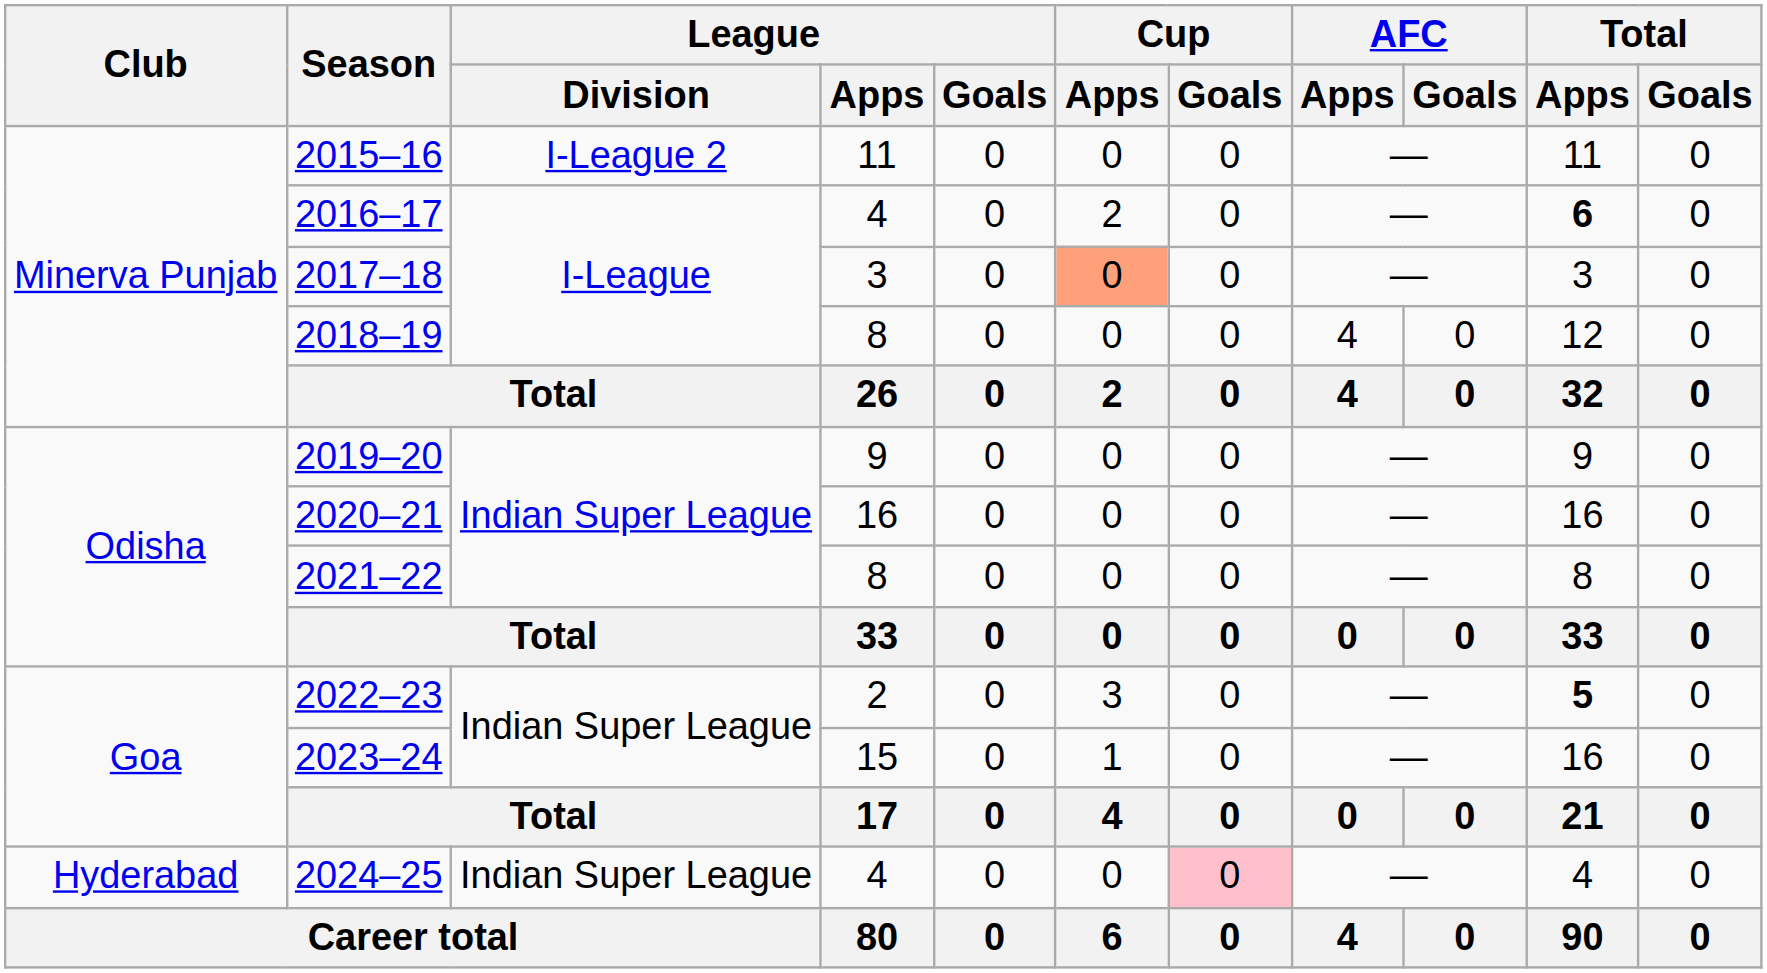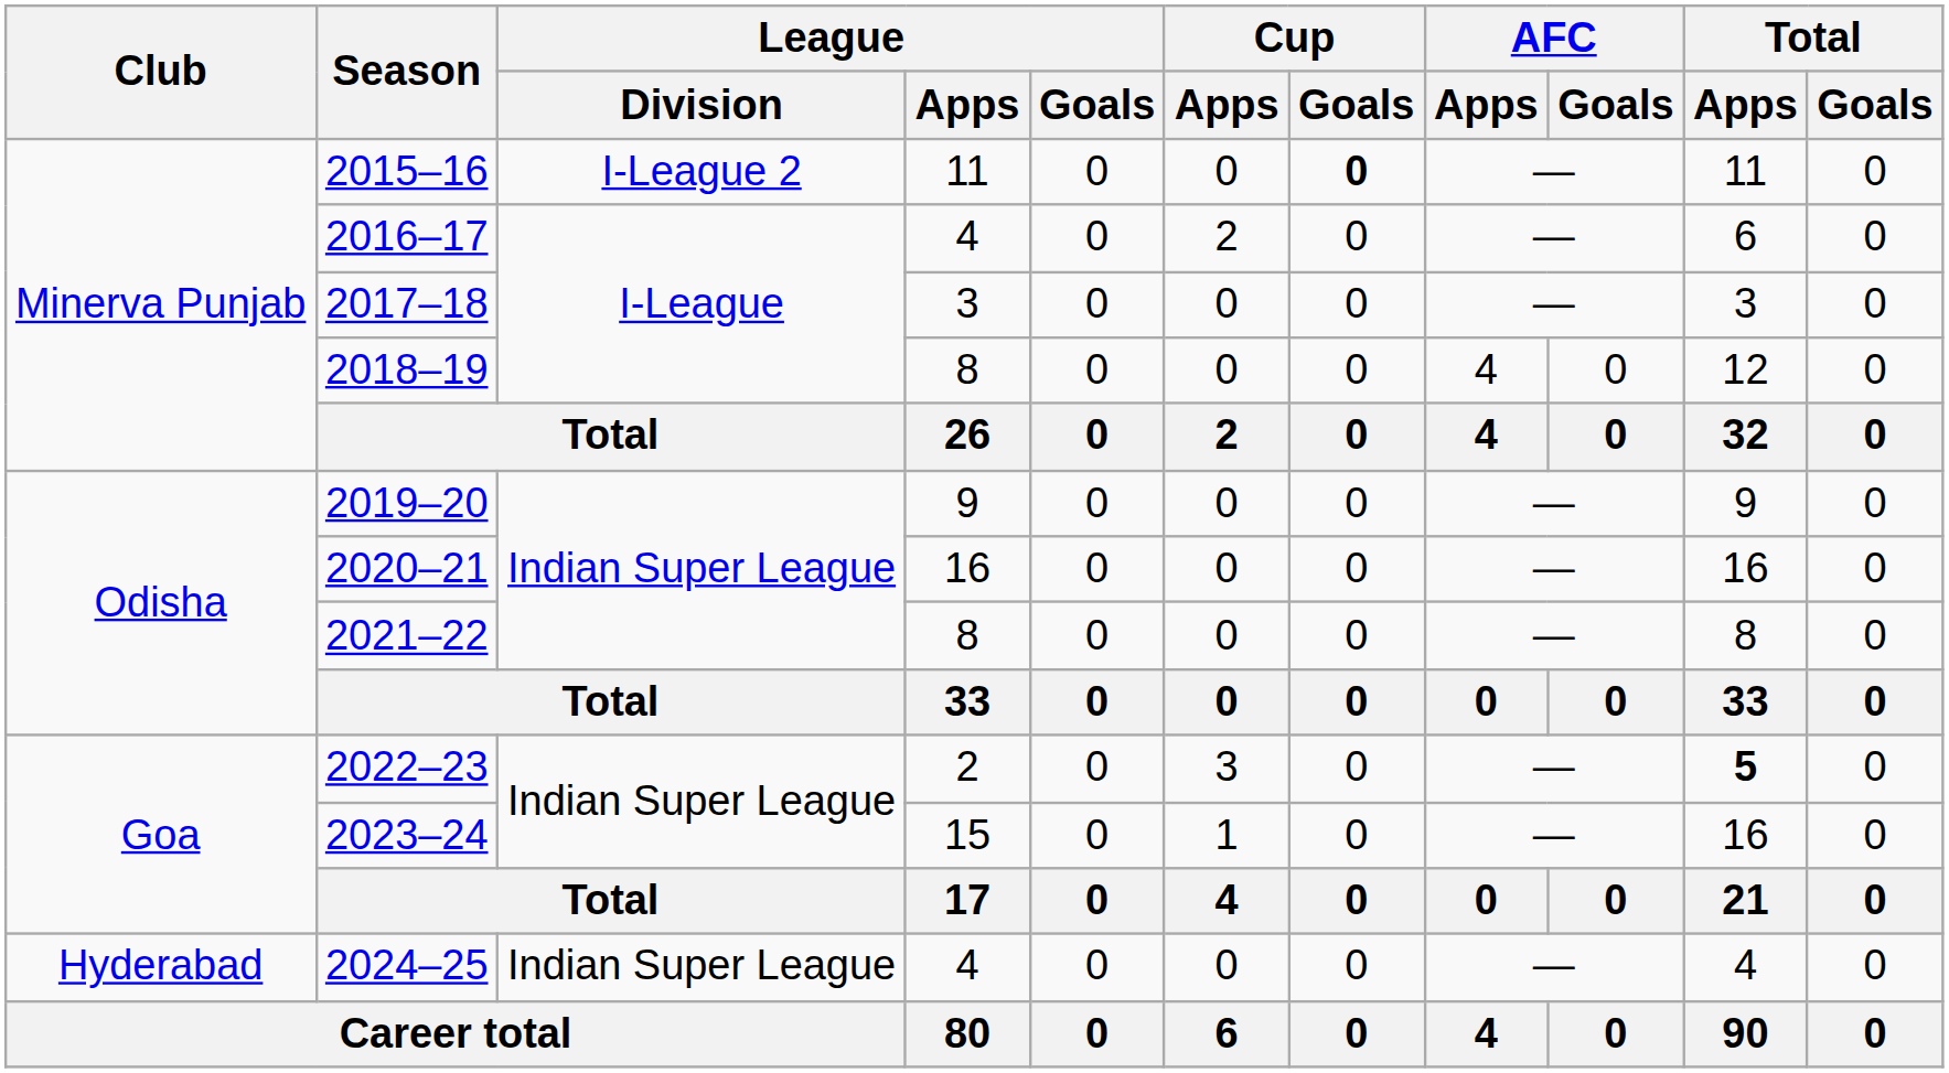 <table class="wikitable" style="text-align: center;">
 <tr>
 <th rowspan="2">Club</th>
 <th rowspan="2">Season</th>
 <th colspan="3">League</th>
 <th colspan="2">Cup</th>
 <th colspan="2"><a href='#'>AFC</a></th>
 <th colspan="2">Total</th>
 </tr>
 <tr>
 <th>Division</th>
 <th>Apps</th>
 <th>Goals</th>
 <th>Apps</th>
 <th>Goals</th>
 <th>Apps</th>
 <th>Goals</th>
 <th>Apps</th>
 <th>Goals</th>
 </tr>
 <tr>
 <td rowspan="5"><a href='#'>Minerva Punjab</a></td>
 <td><a href='#'>2015–16</a></td>
 <td><a href='#'>I-League 2</a></td>
 <td>11</td>
 <td>0</td>
 <td>0</td>
-<td>0</td>
+<td><strong>0</strong></td>
 <td colspan="2">—</td>
 <td>11</td>
 <td>0</td>
 </tr>
 <tr>
 <td><a href='#'>2016–17</a></td>
 <td rowspan="3"><a href='#'>I-League</a></td>
 <td>4</td>
 <td>0</td>
 <td>2</td>
 <td>0</td>
 <td colspan="2">—</td>
-<td><strong>6</strong></td>
+<td>6</td>
 <td>0</td>
 </tr>
 <tr>
 <td><a href='#'>2017–18</a></td>
 <td>3</td>
 <td>0</td>
-<td style="background: lightsalmon;">0</td>
+<td>0</td>
 <td>0</td>
 <td colspan="2">—</td>
 <td>3</td>
 <td>0</td>
 </tr>
 <tr>
 <td><a href='#'>2018–19</a></td>
 <td>8</td>
 <td>0</td>
 <td>0</td>
 <td>0</td>
 <td>4</td>
 <td>0</td>
 <td>12</td>
 <td>0</td>
 </tr>
 <tr>
 <th colspan="2">Total</th>
 <th>26</th>
 <th>0</th>
 <th>2</th>
 <th>0</th>
 <th>4</th>
 <th>0</th>
 <th>32</th>
 <th>0</th>
 </tr>
 <tr>
 <td rowspan="4"><a href='#'>Odisha</a></td>
 <td><a href='#'>2019–20</a></td>
 <td rowspan="3"><a href='#'>Indian Super League</a></td>
 <td>9</td>
 <td>0</td>
 <td>0</td>
 <td>0</td>
 <td colspan="2">—</td>
 <td>9</td>
 <td>0</td>
 </tr>
 <tr>
 <td><a href='#'>2020–21</a></td>
 <td>16</td>
 <td>0</td>
 <td>0</td>
 <td>0</td>
 <td colspan="2">—</td>
 <td>16</td>
 <td>0</td>
 </tr>
 <tr>
 <td><a href='#'>2021–22</a></td>
 <td>8</td>
 <td>0</td>
 <td>0</td>
 <td>0</td>
 <td colspan="2">—</td>
 <td>8</td>
 <td>0</td>
 </tr>
 <tr>
 <th colspan="2">Total</th>
 <th>33</th>
 <th>0</th>
 <th>0</th>
 <th>0</th>
 <th>0</th>
 <th>0</th>
 <th>33</th>
 <th>0</th>
 </tr>
 <tr>
 <td rowspan="3"><a href='#'>Goa</a></td>
 <td><a href='#'>2022–23</a></td>
 <td rowspan="2">Indian Super League</td>
 <td>2</td>
 <td>0</td>
 <td>3</td>
 <td>0</td>
 <td colspan="2">—</td>
 <td><strong>5</strong></td>
 <td>0</td>
 </tr>
 <tr>
 <td><a href='#'>2023–24</a></td>
 <td>15</td>
 <td>0</td>
 <td>1</td>
 <td>0</td>
 <td colspan="2">—</td>
 <td>16</td>
 <td>0</td>
 </tr>
 <tr>
 <th colspan="2">Total</th>
 <th>17</th>
 <th>0</th>
 <th>4</th>
 <th>0</th>
 <th>0</th>
 <th>0</th>
 <th>21</th>
 <th>0</th>
 </tr>
 <tr>
 <td rowspan="1"><a href='#'>Hyderabad</a></td>
 <td><a href='#'>2024–25</a></td>
 <td rowspan="1">Indian Super League</td>
 <td>4</td>
 <td>0</td>
 <td>0</td>
-<td style="background: pink;">0</td>
+<td>0</td>
 <td colspan="2">—</td>
 <td>4</td>
 <td>0</td>
 </tr>
 <tr>
 <th colspan="3">Career total</th>
 <th>80</th>
 <th>0</th>
 <th>6</th>
 <th>0</th>
 <th>4</th>
 <th>0</th>
 <th>90</th>
 <th>0</th>
 </tr>
 </table>
